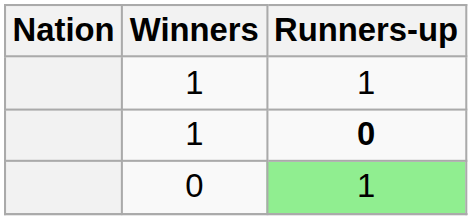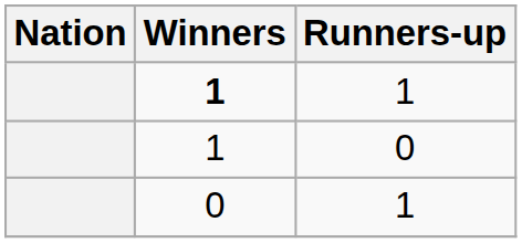 <table class="wikitable plainrowheaders sortable">
 <tr>
 <th scope="col">Nation</th>
 <th scope="col">Winners</th>
 <th scope="col">Runners-up</th>
 </tr>
 <tr>
 <th scope="row"></th>
-<td align=center>1</td>
+<td align=center><strong>1</strong></td>
 <td align=center>1</td>
 </tr>
 <tr>
 <th scope="row"></th>
 <td align=center>1</td>
-<td align=center><strong>0</strong></td>
+<td align=center>0</td>
 </tr>
 <tr>
 <th scope="row"></th>
 <td align=center>0</td>
-<td align=center style="background: lightgreen;">1</td>
+<td align=center>1</td>
 </tr>
 <tr>
 </tr>
 </table>
